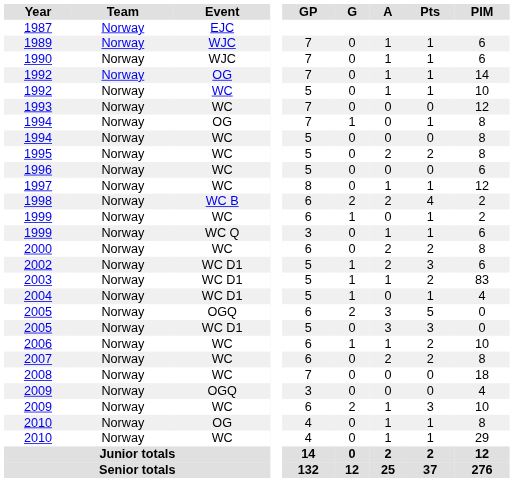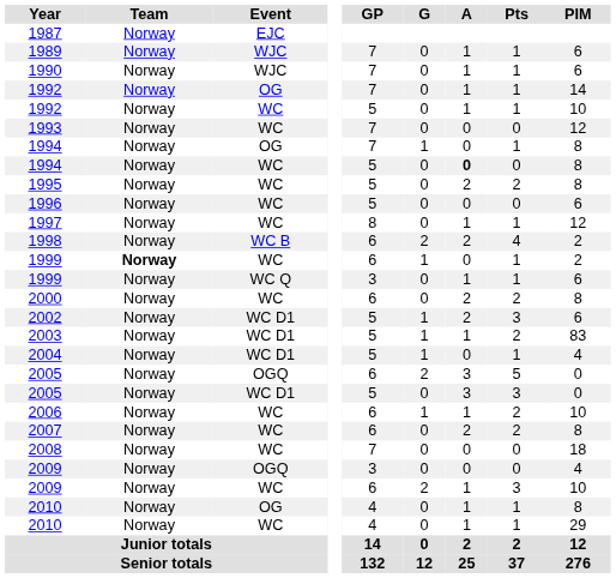 <table border="0" cellpadding="1" cellspacing="0" style="text-align:center; width:40em">
 <tr ALIGN="center" bgcolor="#e0e0e0">
 <th>Year</th>
 <th>Team</th>
 <th>Event</th>
 <th ALIGN="center" rowspan="99" bgcolor="#ffffff"> </th>
 <th>GP</th>
 <th>G</th>
 <th>A</th>
 <th>Pts</th>
 <th>PIM</th>
 </tr>
 <tr>
 <td><a href='#'>1987</a></td>
 <td><a href='#'>Norway</a></td>
 <td><a href='#'>EJC</a></td>
 <td></td>
 <td></td>
 <td></td>
 <td></td>
 <td></td>
 </tr>
 <tr bgcolor="#f0f0f0">
 <td><a href='#'>1989</a></td>
 <td><a href='#'>Norway</a></td>
 <td><a href='#'>WJC</a></td>
 <td>7</td>
 <td>0</td>
 <td>1</td>
 <td>1</td>
 <td>6</td>
 </tr>
 <tr>
 <td><a href='#'>1990</a></td>
 <td>Norway</td>
 <td>WJC</td>
 <td>7</td>
 <td>0</td>
 <td>1</td>
 <td>1</td>
 <td>6</td>
 </tr>
 <tr bgcolor="#f0f0f0">
 <td><a href='#'>1992</a></td>
 <td><a href='#'>Norway</a></td>
 <td><a href='#'>OG</a></td>
 <td>7</td>
 <td>0</td>
 <td>1</td>
 <td>1</td>
 <td>14</td>
 </tr>
 <tr>
 <td><a href='#'>1992</a></td>
 <td>Norway</td>
 <td><a href='#'>WC</a></td>
 <td>5</td>
 <td>0</td>
 <td>1</td>
 <td>1</td>
 <td>10</td>
 </tr>
 <tr bgcolor="#f0f0f0">
 <td><a href='#'>1993</a></td>
 <td>Norway</td>
 <td>WC</td>
 <td>7</td>
 <td>0</td>
 <td>0</td>
 <td>0</td>
 <td>12</td>
 </tr>
 <tr>
 <td><a href='#'>1994</a></td>
 <td>Norway</td>
 <td>OG</td>
 <td>7</td>
 <td>1</td>
 <td>0</td>
 <td>1</td>
 <td>8</td>
 </tr>
 <tr bgcolor="#f0f0f0">
 <td><a href='#'>1994</a></td>
 <td>Norway</td>
 <td>WC</td>
 <td>5</td>
 <td>0</td>
-<td>0</td>
+<td><strong>0</strong></td>
 <td>0</td>
 <td>8</td>
 </tr>
 <tr>
 <td><a href='#'>1995</a></td>
 <td>Norway</td>
 <td>WC</td>
 <td>5</td>
 <td>0</td>
 <td>2</td>
 <td>2</td>
 <td>8</td>
 </tr>
 <tr bgcolor="#f0f0f0">
 <td><a href='#'>1996</a></td>
 <td>Norway</td>
 <td>WC</td>
 <td>5</td>
 <td>0</td>
 <td>0</td>
 <td>0</td>
 <td>6</td>
 </tr>
 <tr>
 <td><a href='#'>1997</a></td>
 <td>Norway</td>
 <td>WC</td>
 <td>8</td>
 <td>0</td>
 <td>1</td>
 <td>1</td>
 <td>12</td>
 </tr>
 <tr bgcolor="#f0f0f0">
 <td><a href='#'>1998</a></td>
 <td>Norway</td>
 <td><a href='#'>WC B</a></td>
 <td>6</td>
 <td>2</td>
 <td>2</td>
 <td>4</td>
 <td>2</td>
 </tr>
 <tr>
 <td><a href='#'>1999</a></td>
-<td>Norway</td>
+<td><strong>Norway</strong></td>
 <td>WC</td>
 <td>6</td>
 <td>1</td>
 <td>0</td>
 <td>1</td>
 <td>2</td>
 </tr>
 <tr bgcolor="#f0f0f0">
 <td><a href='#'>1999</a></td>
 <td>Norway</td>
 <td>WC Q</td>
 <td>3</td>
 <td>0</td>
 <td>1</td>
 <td>1</td>
 <td>6</td>
 </tr>
 <tr>
 <td><a href='#'>2000</a></td>
 <td>Norway</td>
 <td>WC</td>
 <td>6</td>
 <td>0</td>
 <td>2</td>
 <td>2</td>
 <td>8</td>
 </tr>
 <tr bgcolor="#f0f0f0">
 <td><a href='#'>2002</a></td>
 <td>Norway</td>
 <td>WC D1</td>
 <td>5</td>
 <td>1</td>
 <td>2</td>
 <td>3</td>
 <td>6</td>
 </tr>
 <tr>
 <td><a href='#'>2003</a></td>
 <td>Norway</td>
 <td>WC D1</td>
 <td>5</td>
 <td>1</td>
 <td>1</td>
 <td>2</td>
 <td>83</td>
 </tr>
 <tr bgcolor="#f0f0f0">
 <td><a href='#'>2004</a></td>
 <td>Norway</td>
 <td>WC D1</td>
 <td>5</td>
 <td>1</td>
 <td>0</td>
 <td>1</td>
 <td>4</td>
 </tr>
 <tr>
 <td><a href='#'>2005</a></td>
 <td>Norway</td>
 <td>OGQ</td>
 <td>6</td>
 <td>2</td>
 <td>3</td>
 <td>5</td>
 <td>0</td>
 </tr>
 <tr bgcolor="#f0f0f0">
 <td><a href='#'>2005</a></td>
 <td>Norway</td>
 <td>WC D1</td>
 <td>5</td>
 <td>0</td>
 <td>3</td>
 <td>3</td>
 <td>0</td>
 </tr>
 <tr>
 <td><a href='#'>2006</a></td>
 <td>Norway</td>
 <td>WC</td>
 <td>6</td>
 <td>1</td>
 <td>1</td>
 <td>2</td>
 <td>10</td>
 </tr>
 <tr bgcolor="#f0f0f0">
 <td><a href='#'>2007</a></td>
 <td>Norway</td>
 <td>WC</td>
 <td>6</td>
 <td>0</td>
 <td>2</td>
 <td>2</td>
 <td>8</td>
 </tr>
 <tr>
 <td><a href='#'>2008</a></td>
 <td>Norway</td>
 <td>WC</td>
 <td>7</td>
 <td>0</td>
 <td>0</td>
 <td>0</td>
 <td>18</td>
 </tr>
 <tr bgcolor="#f0f0f0">
 <td><a href='#'>2009</a></td>
 <td>Norway</td>
 <td>OGQ</td>
 <td>3</td>
 <td>0</td>
 <td>0</td>
 <td>0</td>
 <td>4</td>
 </tr>
 <tr>
 <td><a href='#'>2009</a></td>
 <td>Norway</td>
 <td>WC</td>
 <td>6</td>
 <td>2</td>
 <td>1</td>
 <td>3</td>
 <td>10</td>
 </tr>
 <tr bgcolor="#f0f0f0">
 <td><a href='#'>2010</a></td>
 <td>Norway</td>
 <td>OG</td>
 <td>4</td>
 <td>0</td>
 <td>1</td>
 <td>1</td>
 <td>8</td>
 </tr>
 <tr>
 <td><a href='#'>2010</a></td>
 <td>Norway</td>
 <td>WC</td>
 <td>4</td>
 <td>0</td>
 <td>1</td>
 <td>1</td>
 <td>29</td>
 </tr>
 <tr bgcolor="#e0e0e0">
 <th colspan="3">Junior totals</th>
 <th>14</th>
 <th>0</th>
 <th>2</th>
 <th>2</th>
 <th>12</th>
 </tr>
 <tr bgcolor="#e0e0e0">
 <th colspan="3">Senior totals</th>
 <th>132</th>
 <th>12</th>
 <th>25</th>
 <th>37</th>
 <th>276</th>
 </tr>
 </table>
